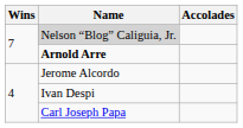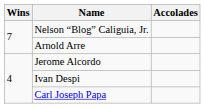 <table class="wikitable">
 <tr>
 <th>Wins</th>
 <th>Name</th>
 <th>Accolades</th>
 </tr>
 <tr>
 <td rowspan="2">7</td>
-<td style="background: lightgrey;">Nelson “Blog” Caliguia, Jr.</td>
+<td>Nelson “Blog” Caliguia, Jr.</td>
 <td></td>
 </tr>
 <tr>
-<td><strong>Arnold Arre</strong></td>
+<td>Arnold Arre</td>
 <td></td>
 </tr>
 <tr>
 <td rowspan="3">4</td>
 <td>Jerome Alcordo</td>
 <td></td>
 </tr>
 <tr>
 <td>Ivan Despi</td>
 <td></td>
 </tr>
 <tr>
 <td><a href='#'>Carl Joseph Papa</a></td>
 <td></td>
 </tr>
 </table>
